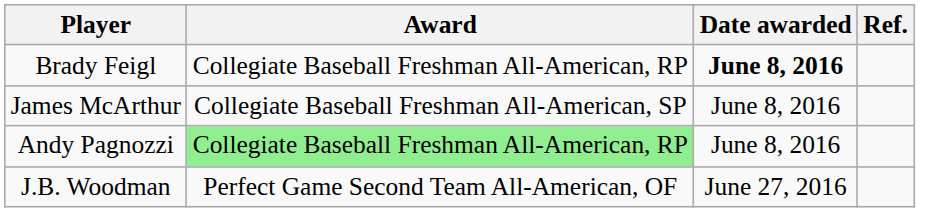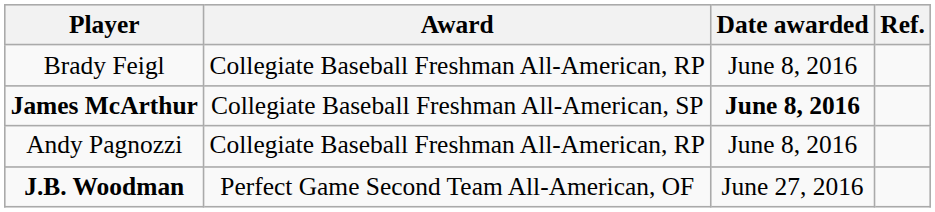 <table class="wikitable sortable sortable" style="text-align: center">
 <tr>
 <th>Player</th>
 <th>Award</th>
 <th>Date awarded</th>
 <th>Ref.</th>
 </tr>
 <tr>
 <td>Brady Feigl</td>
 <td>Collegiate Baseball Freshman All-American, RP</td>
+<td>June 8, 2016</td>
+<td></td>
+</tr>
+<tr>
+<td><strong>James McArthur</strong></td>
+<td>Collegiate Baseball Freshman All-American, SP</td>
 <td><strong>June 8, 2016</strong></td>
 <td></td>
 </tr>
 <tr>
-<td>James McArthur</td>
-<td>Collegiate Baseball Freshman All-American, SP</td>
+<td>Andy Pagnozzi</td>
+<td>Collegiate Baseball Freshman All-American, RP</td>
 <td>June 8, 2016</td>
 <td></td>
 </tr>
 <tr>
-<td>Andy Pagnozzi</td>
-<td style="background: lightgreen;">Collegiate Baseball Freshman All-American, RP</td>
-<td>June 8, 2016</td>
-<td></td>
-</tr>
-<tr>
-<td>J.B. Woodman</td>
+<td><strong>J.B. Woodman</strong></td>
 <td>Perfect Game Second Team All-American, OF</td>
 <td>June 27, 2016</td>
 <td></td>
 </tr>
 </table>
